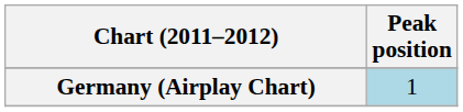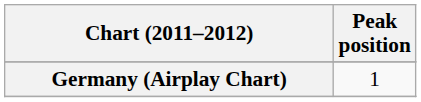 <table class="wikitable sortable plainrowheaders">
 <tr>
 <th scope="col"  width=240>Chart (2011–2012)</th>
 <th scope="col">Peak<br>position</th>
 </tr>
 <tr>
 </tr>
 <tr>
 </tr>
 <tr>
 </tr>
 <tr>
 </tr>
 <tr>
 </tr>
 <tr>
 </tr>
 <tr>
 <th scope="row">Germany (Airplay Chart)</th>
-<td style="background: lightblue; text-align:center;">1</td>
+<td style="text-align:center;">1</td>
 </tr>
 <tr>
 </tr>
 <tr>
 </tr>
 <tr>
 </tr>
 <tr>
 </tr>
 <tr>
 </tr>
 <tr>
 </tr>
 <tr>
 </tr>
 <tr>
 </tr>
 <tr>
 </tr>
 <tr>
 </tr>
 </table>
